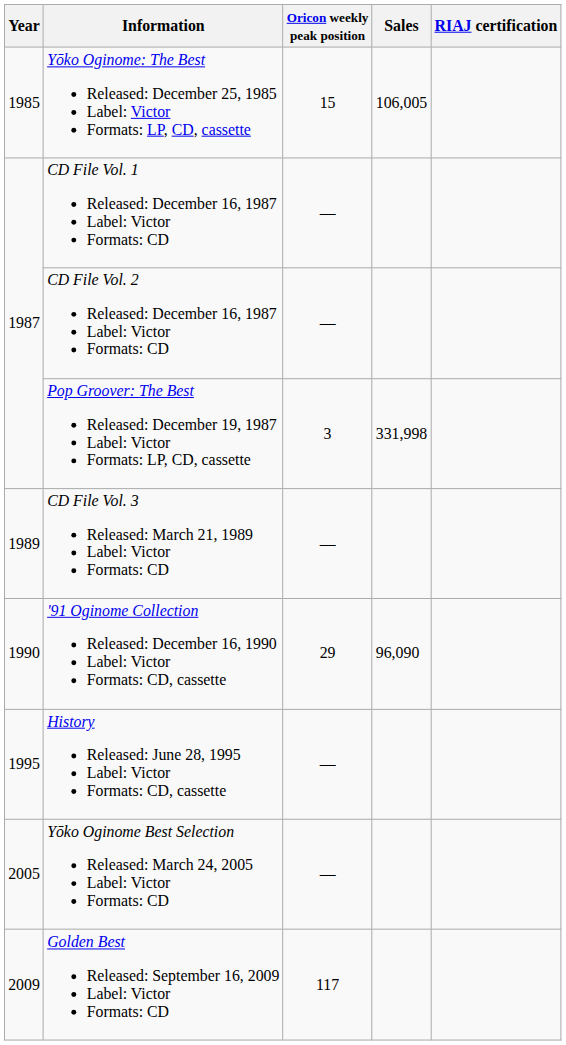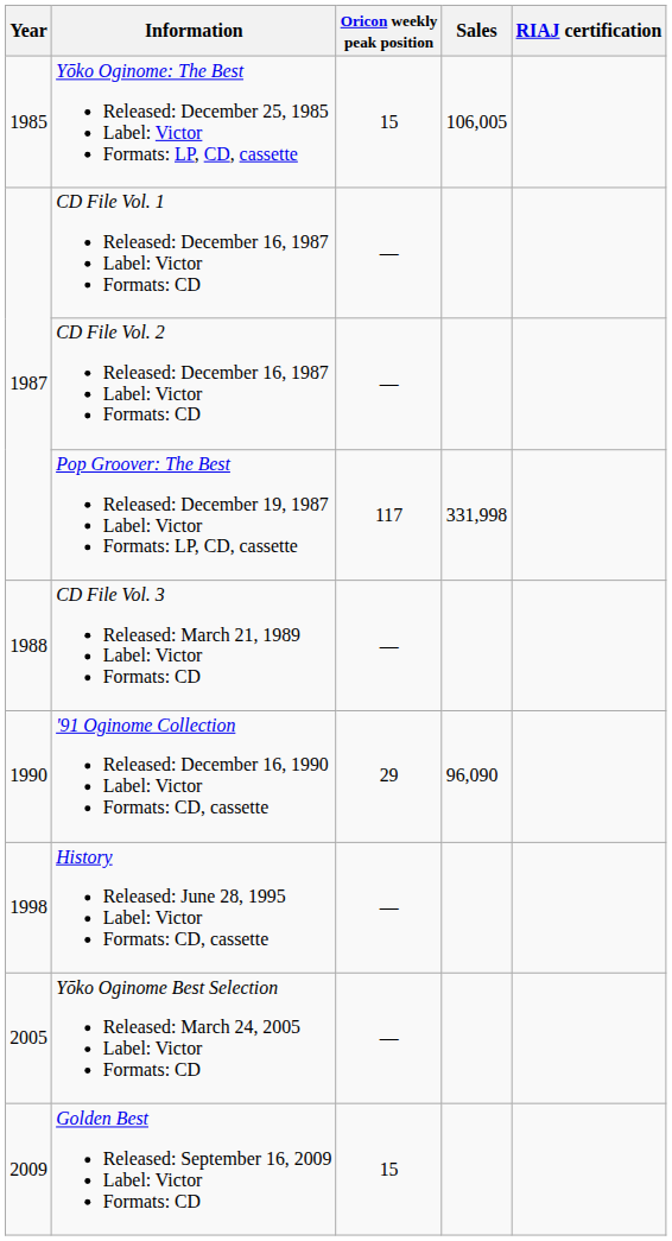 <table class="wikitable">
 <tr>
 <th>Year</th>
 <th>Information</th>
 <th><small><a href='#'>Oricon</a> weekly<br>peak position</small></th>
 <th>Sales<br></th>
 <th><a href='#'>RIAJ</a> certification</th>
 </tr>
 <tr>
 <td>1985</td>
 <td><em><a href='#'>Yōko Oginome: The Best</a></em><br><ul><li>Released: December 25, 1985</li><li>Label: <a href='#'>Victor</a></li><li>Formats: <a href='#'>LP</a>, <a href='#'>CD</a>, <a href='#'>cassette</a></li></ul></td>
 <td style="text-align:center;">15</td>
 <td align="left">106,005</td>
 <td align="left"></td>
 </tr>
 <tr>
 <td rowspan="3">1987</td>
 <td><em>CD File Vol. 1</em><br><ul><li>Released: December 16, 1987</li><li>Label: Victor</li><li>Formats: CD</li></ul></td>
 <td style="text-align:center;">—</td>
 <td align="left"></td>
 <td align="left"></td>
 </tr>
 <tr>
 <td><em>CD File Vol. 2</em><br><ul><li>Released: December 16, 1987</li><li>Label: Victor</li><li>Formats: CD</li></ul></td>
 <td style="text-align:center;">—</td>
 <td align="left"></td>
 <td align="left"></td>
 </tr>
 <tr>
 <td><em><a href='#'>Pop Groover: The Best</a></em><br><ul><li>Released: December 19, 1987</li><li>Label: Victor</li><li>Formats: LP, CD, cassette</li></ul></td>
-<td style="text-align:center;">3</td>
+<td style="text-align:center;">117</td>
 <td align="left">331,998</td>
 <td align="left"></td>
 </tr>
 <tr>
-<td>1989</td>
+<td>1988</td>
 <td><em>CD File Vol. 3</em><br><ul><li>Released: March 21, 1989</li><li>Label: Victor</li><li>Formats: CD</li></ul></td>
 <td style="text-align:center;">—</td>
 <td align="left"></td>
 <td align="left"></td>
 </tr>
 <tr>
 <td>1990</td>
 <td><em><a href='#'>'91 Oginome Collection</a></em><br><ul><li>Released: December 16, 1990</li><li>Label: Victor</li><li>Formats: CD, cassette</li></ul></td>
 <td style="text-align:center;">29</td>
 <td align="left">96,090</td>
 <td align="left"></td>
 </tr>
 <tr>
-<td>1995</td>
+<td>1998</td>
 <td><em><a href='#'>History</a></em><br><ul><li>Released: June 28, 1995</li><li>Label: Victor</li><li>Formats: CD, cassette</li></ul></td>
 <td style="text-align:center;">—</td>
 <td align="left"></td>
 <td align="left"></td>
 </tr>
 <tr>
 <td>2005</td>
 <td><em>Yōko Oginome Best Selection</em><br><ul><li>Released: March 24, 2005</li><li>Label: Victor</li><li>Formats: CD</li></ul></td>
 <td style="text-align:center;">—</td>
 <td align="left"></td>
 <td align="left"></td>
 </tr>
 <tr>
 <td>2009</td>
 <td><em><a href='#'>Golden Best</a></em><br><ul><li>Released: September 16, 2009</li><li>Label: Victor</li><li>Formats: CD</li></ul></td>
-<td style="text-align:center;">117</td>
+<td style="text-align:center;">15</td>
 <td align="left"></td>
 <td align="left"></td>
 </tr>
 </table>
